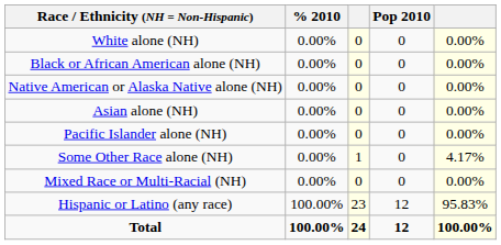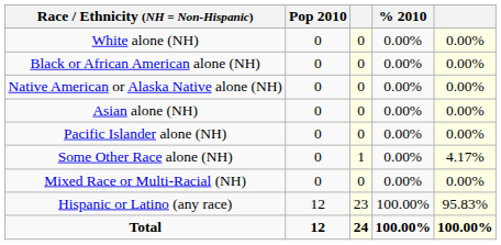 <table class="wikitable" style="text-align:center;">
 <tr>
 <th>Race / Ethnicity <small>(<em>NH = Non-Hispanic</em>)</small></th>
+<th>Pop 2010</th>
+<th></th>
 <th>% 2010</th>
-<th></th>
-<th>Pop 2010</th>
 <th></th>
 </tr>
 <tr>
 <td><a href='#'>White</a> alone (NH)</td>
+<td>0</td>
+<td style='background: #ffffe6;'>0</td>
 <td>0.00%</td>
-<td style='background: #ffffe6;'>0</td>
-<td>0</td>
 <td style='background: #ffffe6;'>0.00%</td>
 </tr>
 <tr>
 <td><a href='#'>Black or African American</a> alone (NH)</td>
+<td>0</td>
+<td style='background: #ffffe6;'>0</td>
 <td>0.00%</td>
-<td style='background: #ffffe6;'>0</td>
-<td>0</td>
 <td style='background: #ffffe6;'>0.00%</td>
 </tr>
 <tr>
 <td><a href='#'>Native American</a> or <a href='#'>Alaska Native</a> alone (NH)</td>
+<td>0</td>
+<td style='background: #ffffe6;'>0</td>
 <td>0.00%</td>
-<td style='background: #ffffe6;'>0</td>
-<td>0</td>
 <td style='background: #ffffe6;'>0.00%</td>
 </tr>
 <tr>
 <td><a href='#'>Asian</a> alone (NH)</td>
+<td>0</td>
+<td style='background: #ffffe6;'>0</td>
 <td>0.00%</td>
-<td style='background: #ffffe6;'>0</td>
-<td>0</td>
 <td style='background: #ffffe6;'>0.00%</td>
 </tr>
 <tr>
 <td><a href='#'>Pacific Islander</a> alone (NH)</td>
+<td>0</td>
+<td style='background: #ffffe6;'>0</td>
 <td>0.00%</td>
-<td style='background: #ffffe6;'>0</td>
-<td>0</td>
 <td style='background: #ffffe6;'>0.00%</td>
 </tr>
 <tr>
 <td><a href='#'>Some Other Race</a> alone (NH)</td>
+<td>0</td>
+<td style='background: #ffffe6;'>1</td>
 <td>0.00%</td>
-<td style='background: #ffffe6;'>1</td>
-<td>0</td>
 <td style='background: #ffffe6;'>4.17%</td>
 </tr>
 <tr>
 <td><a href='#'>Mixed Race or Multi-Racial</a> (NH)</td>
+<td>0</td>
+<td style='background: #ffffe6;'>0</td>
 <td>0.00%</td>
-<td style='background: #ffffe6;'>0</td>
-<td>0</td>
 <td style='background: #ffffe6;'>0.00%</td>
 </tr>
 <tr>
 <td><a href='#'>Hispanic or Latino</a> (any race)</td>
+<td>12</td>
+<td style='background: #ffffe6;'>23</td>
 <td>100.00%</td>
-<td style='background: #ffffe6;'>23</td>
-<td>12</td>
 <td style='background: #ffffe6;'>95.83%</td>
 </tr>
 <tr>
 <td><strong>Total</strong></td>
+<td><strong>12</strong></td>
+<td style='background: #ffffe6;'><strong>24</strong></td>
 <td><strong>100.00%</strong></td>
-<td style='background: #ffffe6;'><strong>24</strong></td>
-<td><strong>12</strong></td>
 <td style='background: #ffffe6;'><strong>100.00%</strong></td>
 </tr>
 </table>
